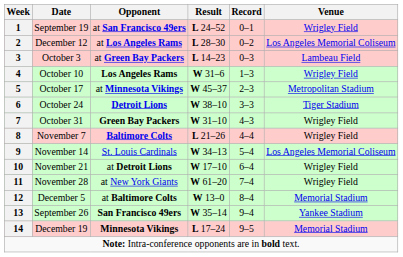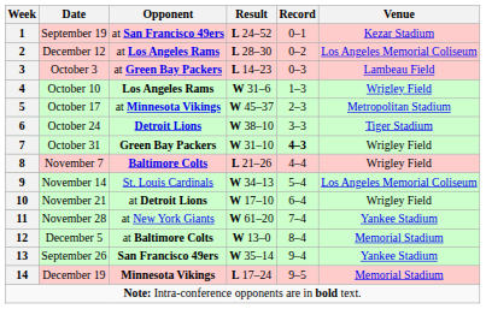 <table class="wikitable" style="text-align:center">
 <tr>
 <th>Week</th>
 <th>Date</th>
 <th>Opponent</th>
 <th>Result</th>
 <th>Record</th>
 <th>Venue</th>
 </tr>
 <tr style="background:#fcc">
 <th>1</th>
 <td>September 19</td>
 <td>at <strong><a href='#'>San Francisco 49ers</a></strong></td>
 <td><strong>L</strong> 24–52</td>
 <td>0–1</td>
-<td><a href='#'>Wrigley Field</a></td>
+<td><a href='#'>Kezar Stadium</a></td>
 </tr>
 <tr style="background:#fcc">
 <th>2</th>
 <td>December 12</td>
 <td>at <strong><a href='#'>Los Angeles Rams</a></strong></td>
 <td><strong>L</strong> 28–30</td>
 <td>0–2</td>
 <td><a href='#'>Los Angeles Memorial Coliseum</a></td>
 </tr>
 <tr style="background:#fcc">
 <th>3</th>
 <td>October 3</td>
 <td>at <strong><a href='#'>Green Bay Packers</a></strong></td>
 <td><strong>L</strong> 14–23</td>
 <td>0–3</td>
 <td><a href='#'>Lambeau Field</a></td>
 </tr>
 <tr style="background:#cfc">
 <th>4</th>
 <td>October 10</td>
 <td><strong>Los Angeles Rams</strong></td>
 <td><strong>W</strong> 31–6</td>
 <td>1–3</td>
 <td><a href='#'>Wrigley Field</a></td>
 </tr>
 <tr style="background:#cfc">
 <th>5</th>
 <td>October 17</td>
 <td>at <strong><a href='#'>Minnesota Vikings</a></strong></td>
 <td><strong>W</strong> 45–37</td>
 <td>2–3</td>
 <td><a href='#'>Metropolitan Stadium</a></td>
 </tr>
 <tr style="background:#cfc">
 <th>6</th>
 <td>October 24</td>
 <td><strong><a href='#'>Detroit Lions</a></strong></td>
 <td><strong>W</strong> 38–10</td>
 <td>3–3</td>
 <td><a href='#'>Tiger Stadium</a></td>
 </tr>
 <tr style="background:#cfc">
 <th>7</th>
 <td>October 31</td>
 <td><strong>Green Bay Packers</strong></td>
 <td><strong>W</strong> 31–10</td>
-<td>4–3</td>
+<td><strong>4–3</strong></td>
 <td>Wrigley Field</td>
 </tr>
 <tr style="background:#fcc">
 <th>8</th>
 <td>November 7</td>
 <td><strong><a href='#'>Baltimore Colts</a></strong></td>
 <td><strong>L</strong> 21–26</td>
 <td>4–4</td>
 <td>Wrigley Field</td>
 </tr>
 <tr style="background:#cfc">
 <th>9</th>
 <td>November 14</td>
 <td><a href='#'>St. Louis Cardinals</a></td>
 <td><strong>W</strong> 34–13</td>
 <td>5–4</td>
 <td><a href='#'>Los Angeles Memorial Coliseum</a></td>
 </tr>
 <tr style="background:#cfc">
 <th>10</th>
 <td>November 21</td>
 <td>at <strong>Detroit Lions</strong></td>
 <td><strong>W</strong> 17–10</td>
 <td>6–4</td>
 <td>Wrigley Field</td>
 </tr>
 <tr style="background:#cfc">
 <th>11</th>
 <td>November 28</td>
 <td>at <a href='#'>New York Giants</a></td>
 <td><strong>W</strong> 61–20</td>
 <td>7–4</td>
-<td>Wrigley Field</td>
+<td><a href='#'>Yankee Stadium</a></td>
 </tr>
 <tr style="background:#cfc">
 <th>12</th>
 <td>December 5</td>
 <td>at <strong>Baltimore Colts</strong></td>
 <td><strong>W</strong> 13–0</td>
 <td>8–4</td>
 <td><a href='#'>Memorial Stadium</a></td>
 </tr>
 <tr style="background:#cfc">
 <th>13</th>
 <td>September 26</td>
 <td><strong>San Francisco 49ers</strong></td>
 <td><strong>W</strong> 35–14</td>
 <td>9–4</td>
 <td><a href='#'>Yankee Stadium</a></td>
 </tr>
 <tr style="background:#fcc">
 <th>14</th>
 <td>December 19</td>
 <td><strong>Minnesota Vikings</strong></td>
 <td><strong>L</strong> 17–24</td>
 <td>9–5</td>
 <td><a href='#'>Memorial Stadium</a></td>
 </tr>
 <tr>
 <td colspan="8"><strong>Note:</strong> Intra-conference opponents are in <strong>bold</strong> text.</td>
 </tr>
 </table>
